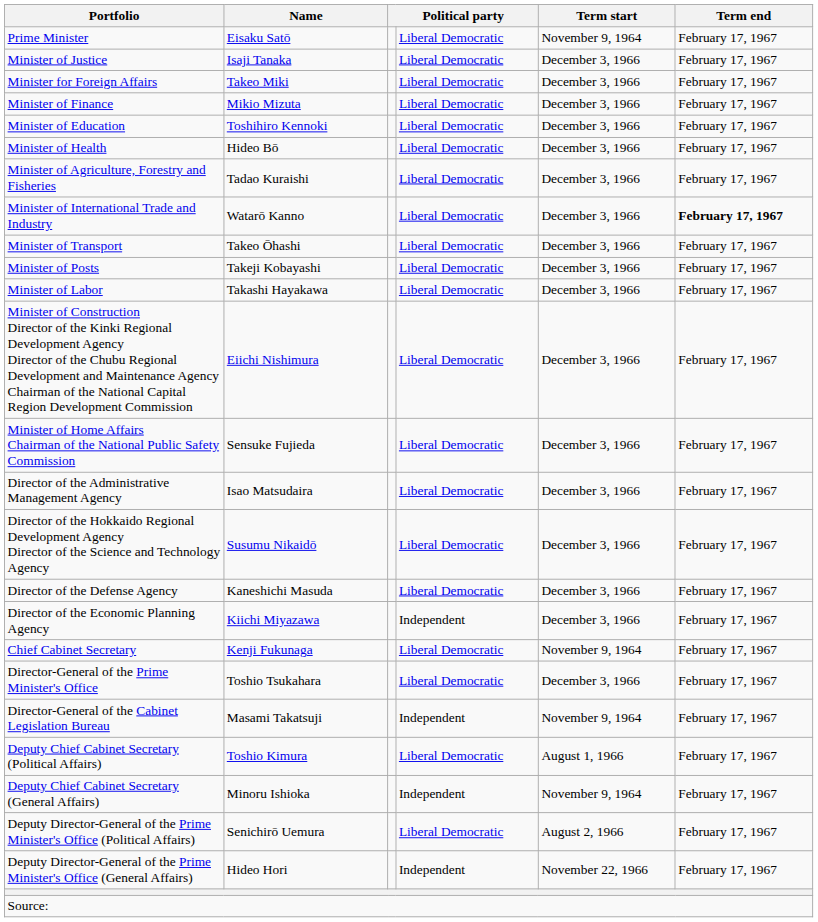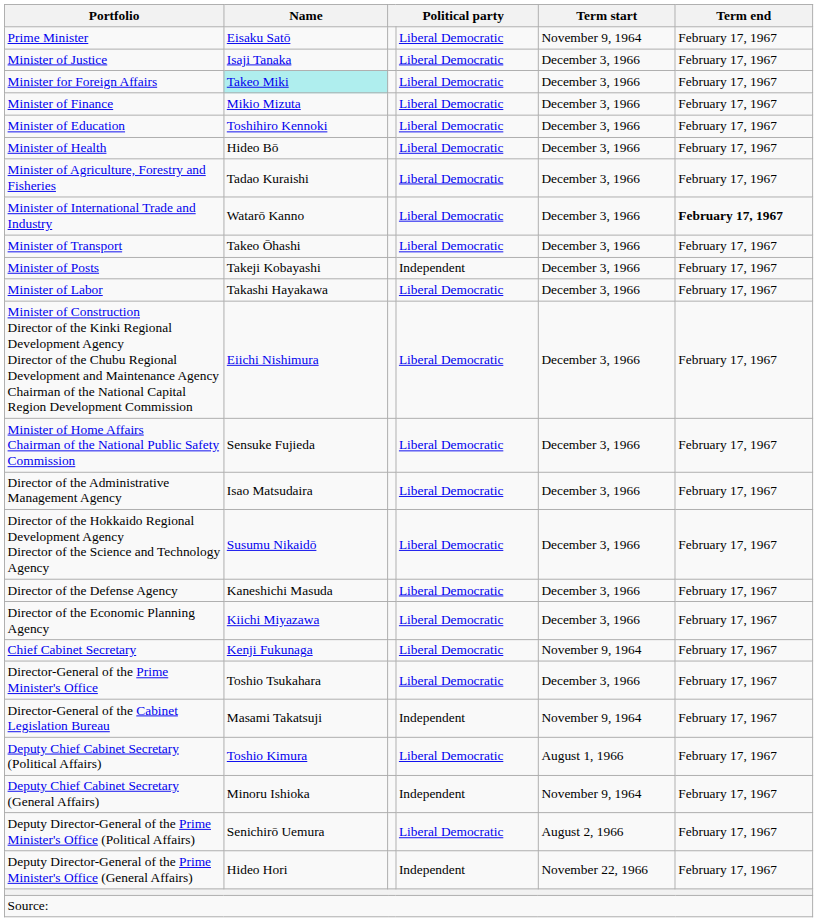 <table class="wikitable" style="font-size: 90%;">
 <tr>
 <th width="20%" scope="col">Portfolio</th>
 <th width="15%" scope="col">Name</th>
 <th colspan="2" width="13.5%" scope="col">Political party</th>
 <th width="12.5%" scope="col">Term start</th>
 <th width="12.5%" scope="col">Term end</th>
 </tr>
 <tr>
 <td style="text-align: left;"><a href='#'>Prime Minister</a></td>
 <td><a href='#'>Eisaku Satō</a></td>
 <td width="0.5%" style="background:"></td>
 <td><a href='#'>Liberal Democratic</a></td>
 <td>November 9, 1964</td>
 <td>February 17, 1967</td>
 </tr>
 <tr>
 <td><a href='#'>Minister of Justice</a></td>
 <td><a href='#'>Isaji Tanaka</a></td>
 <td style="color:inherit;background:"></td>
 <td><a href='#'>Liberal Democratic</a></td>
 <td>December 3, 1966</td>
 <td>February 17, 1967</td>
 </tr>
 <tr>
 <td><a href='#'>Minister for Foreign Affairs</a></td>
-<td><a href='#'>Takeo Miki</a></td>
+<td style="background: paleturquoise;"><a href='#'>Takeo Miki</a></td>
 <td style="color:inherit;background:"></td>
 <td><a href='#'>Liberal Democratic</a></td>
 <td>December 3, 1966</td>
 <td>February 17, 1967</td>
 </tr>
 <tr>
 <td><a href='#'>Minister of Finance</a></td>
 <td><a href='#'>Mikio Mizuta</a></td>
 <td style="color:inherit;background:"></td>
 <td><a href='#'>Liberal Democratic</a></td>
 <td>December 3, 1966</td>
 <td>February 17, 1967</td>
 </tr>
 <tr>
 <td><a href='#'>Minister of Education</a></td>
 <td><a href='#'>Toshihiro Kennoki</a></td>
 <td style="color:inherit;background:"></td>
 <td><a href='#'>Liberal Democratic</a></td>
 <td>December 3, 1966</td>
 <td>February 17, 1967</td>
 </tr>
 <tr>
 <td><a href='#'>Minister of Health</a></td>
 <td>Hideo Bō</td>
 <td style="color:inherit;background:"></td>
 <td><a href='#'>Liberal Democratic</a></td>
 <td>December 3, 1966</td>
 <td>February 17, 1967</td>
 </tr>
 <tr>
 <td><a href='#'>Minister of Agriculture, Forestry and Fisheries</a></td>
 <td>Tadao Kuraishi</td>
 <td style="color:inherit;background:"></td>
 <td><a href='#'>Liberal Democratic</a></td>
 <td>December 3, 1966</td>
 <td>February 17, 1967</td>
 </tr>
 <tr>
 <td><a href='#'>Minister of International Trade and Industry</a></td>
 <td>Watarō Kanno</td>
 <td style="color:inherit;background:"></td>
 <td><a href='#'>Liberal Democratic</a></td>
 <td>December 3, 1966</td>
 <td><strong>February 17, 1967</strong></td>
 </tr>
 <tr>
 <td><a href='#'>Minister of Transport</a></td>
 <td>Takeo Ōhashi</td>
 <td style="color:inherit;background:"></td>
 <td><a href='#'>Liberal Democratic</a></td>
 <td>December 3, 1966</td>
 <td>February 17, 1967</td>
 </tr>
 <tr>
 <td><a href='#'>Minister of Posts</a></td>
 <td>Takeji Kobayashi</td>
 <td style="color:inherit;background:"></td>
-<td><a href='#'>Liberal Democratic</a></td>
+<td>Independent</td>
 <td>December 3, 1966</td>
 <td>February 17, 1967</td>
 </tr>
 <tr>
 <td><a href='#'>Minister of Labor</a></td>
 <td>Takashi Hayakawa</td>
 <td style="color:inherit;background:"></td>
 <td><a href='#'>Liberal Democratic</a></td>
 <td>December 3, 1966</td>
 <td>February 17, 1967</td>
 </tr>
 <tr>
 <td><a href='#'>Minister of Construction</a><br>Director of the Kinki Regional Development Agency<br>Director of the Chubu Regional Development and Maintenance Agency<br>Chairman of the National Capital Region Development Commission</td>
 <td><a href='#'>Eiichi Nishimura</a></td>
 <td style="color:inherit;background:"></td>
 <td><a href='#'>Liberal Democratic</a></td>
 <td>December 3, 1966</td>
 <td>February 17, 1967</td>
 </tr>
 <tr>
 <td><a href='#'>Minister of Home Affairs</a><br><a href='#'>Chairman of the National Public Safety Commission</a></td>
 <td>Sensuke Fujieda</td>
 <td style="color:inherit;background:"></td>
 <td><a href='#'>Liberal Democratic</a></td>
 <td>December 3, 1966</td>
 <td>February 17, 1967</td>
 </tr>
 <tr>
 <td>Director of the Administrative Management Agency</td>
 <td>Isao Matsudaira</td>
 <td style="color:inherit;background:"></td>
 <td><a href='#'>Liberal Democratic</a></td>
 <td>December 3, 1966</td>
 <td>February 17, 1967</td>
 </tr>
 <tr>
 <td>Director of the Hokkaido Regional Development Agency<br>Director of the Science and Technology Agency</td>
 <td><a href='#'>Susumu Nikaidō</a></td>
 <td style="color:inherit;background:"></td>
 <td><a href='#'>Liberal Democratic</a></td>
 <td>December 3, 1966</td>
 <td>February 17, 1967</td>
 </tr>
 <tr>
 <td>Director of the Defense Agency</td>
 <td>Kaneshichi Masuda</td>
 <td style="color:inherit;background:"></td>
 <td><a href='#'>Liberal Democratic</a></td>
 <td>December 3, 1966</td>
 <td>February 17, 1967</td>
 </tr>
 <tr>
 <td>Director of the Economic Planning Agency</td>
 <td><a href='#'>Kiichi Miyazawa</a></td>
 <td style="color:inherit;background:"></td>
-<td>Independent</td>
+<td><a href='#'>Liberal Democratic</a></td>
 <td>December 3, 1966</td>
 <td>February 17, 1967</td>
 </tr>
 <tr>
 <td><a href='#'>Chief Cabinet Secretary</a></td>
 <td><a href='#'>Kenji Fukunaga</a></td>
 <td style="color:inherit;background:"></td>
 <td><a href='#'>Liberal Democratic</a></td>
 <td>November 9, 1964</td>
 <td>February 17, 1967</td>
 </tr>
 <tr>
 <td>Director-General of the <a href='#'>Prime Minister's Office</a></td>
 <td>Toshio Tsukahara</td>
 <td style="color:inherit;background:"></td>
 <td><a href='#'>Liberal Democratic</a></td>
 <td>December 3, 1966</td>
 <td>February 17, 1967</td>
 </tr>
 <tr>
 <td>Director-General of the <a href='#'>Cabinet Legislation Bureau</a></td>
 <td>Masami Takatsuji</td>
 <td style="color:inherit;background:"></td>
 <td>Independent</td>
 <td>November 9, 1964</td>
 <td>February 17, 1967</td>
 </tr>
 <tr>
 <td><a href='#'>Deputy Chief Cabinet Secretary</a> (Political Affairs)</td>
 <td><a href='#'>Toshio Kimura</a></td>
 <td style="color:inherit;background:"></td>
 <td><a href='#'>Liberal Democratic</a></td>
 <td>August 1, 1966</td>
 <td>February 17, 1967</td>
 </tr>
 <tr>
 <td><a href='#'>Deputy Chief Cabinet Secretary</a> (General Affairs)</td>
 <td>Minoru Ishioka</td>
 <td style="color:inherit;background:"></td>
 <td>Independent</td>
 <td>November 9, 1964</td>
 <td>February 17, 1967</td>
 </tr>
 <tr>
 <td>Deputy Director-General of the <a href='#'>Prime Minister's Office</a> (Political Affairs)</td>
 <td>Senichirō Uemura</td>
 <td style="color:inherit;background:"></td>
 <td><a href='#'>Liberal Democratic</a></td>
 <td>August 2, 1966</td>
 <td>February 17, 1967</td>
 </tr>
 <tr>
 <td>Deputy Director-General of the <a href='#'>Prime Minister's Office</a> (General Affairs)</td>
 <td>Hideo Hori</td>
 <td style="color:inherit;background:"></td>
 <td>Independent</td>
 <td>November 22, 1966</td>
 <td>February 17, 1967</td>
 </tr>
 <tr>
 <th colspan="6"></th>
 </tr>
 <tr>
 <td colspan="6">Source:</td>
 </tr>
 </table>
